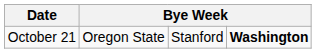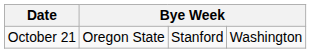 <table class="wikitable" style="font-size:95%;">
 <tr>
 <th>Date</th>
 <th colspan="3">Bye Week</th>
 </tr>
 <tr>
 <td>October 21</td>
 <td>Oregon State</td>
 <td>Stanford</td>
-<td><strong>Washington</strong></td>
+<td>Washington</td>
 </tr>
 </table>
